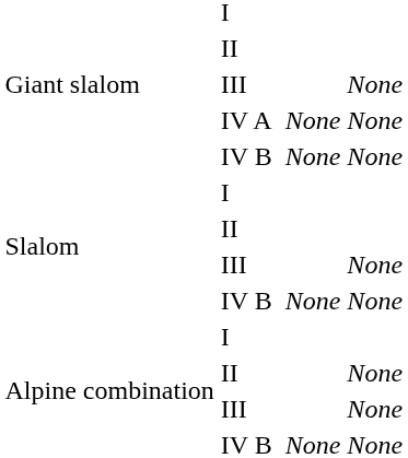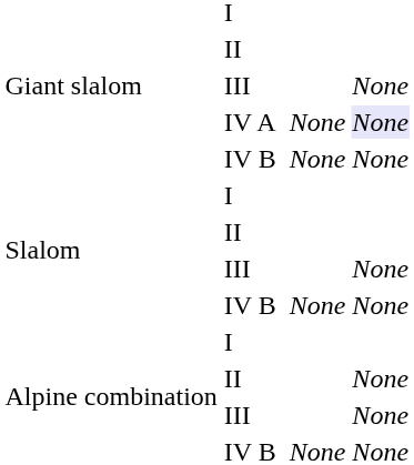 <table>
 <tr>
 <td rowspan="5">Giant slalom</td>
 <td>I<br></td>
 <td></td>
 <td></td>
 <td></td>
 </tr>
 <tr>
 <td>II<br></td>
 <td></td>
 <td></td>
 <td></td>
 </tr>
 <tr>
 <td>III<br></td>
 <td></td>
 <td></td>
 <td align="center"><em>None</em></td>
 </tr>
 <tr>
 <td>IV A<br></td>
 <td></td>
 <td align="center"><em>None</em></td>
-<td align="center"><em>None</em></td>
+<td align="center" style="background: lavender;"><em>None</em></td>
 </tr>
 <tr>
 <td>IV B<br></td>
 <td></td>
 <td align="center"><em>None</em></td>
 <td align="center"><em>None</em></td>
 </tr>
 <tr>
 <td rowspan="4">Slalom</td>
 <td>I<br></td>
 <td></td>
 <td></td>
 <td></td>
 </tr>
 <tr>
 <td>II<br></td>
 <td></td>
 <td></td>
 <td></td>
 </tr>
 <tr>
 <td>III<br></td>
 <td></td>
 <td></td>
 <td align="center"><em>None</em></td>
 </tr>
 <tr>
 <td>IV B<br></td>
 <td></td>
 <td align="center"><em>None</em></td>
 <td align="center"><em>None</em></td>
 </tr>
 <tr>
 <td rowspan="4">Alpine combination</td>
 <td>I<br></td>
 <td></td>
 <td></td>
 <td></td>
 </tr>
 <tr>
 <td>II<br></td>
 <td></td>
 <td></td>
 <td align="center"><em>None</em></td>
 </tr>
 <tr>
 <td>III<br></td>
 <td></td>
 <td></td>
 <td align="center"><em>None</em></td>
 </tr>
 <tr>
 <td>IV B<br></td>
 <td></td>
 <td align="center"><em>None</em></td>
 <td align="center"><em>None</em></td>
 </tr>
 </table>
